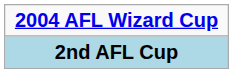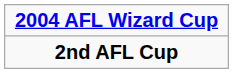 <table class="wikitable"  style="width:180px; text-align:center; float:left; margin-right:1em">
 <tr>
 <td><strong><a href='#'>2004 AFL Wizard Cup</a></strong></td>
 </tr>
 <tr>
-<td style="background: lightblue;"><strong>2nd AFL Cup</strong></td>
+<td><strong>2nd AFL Cup</strong></td>
 </tr>
 </table>
